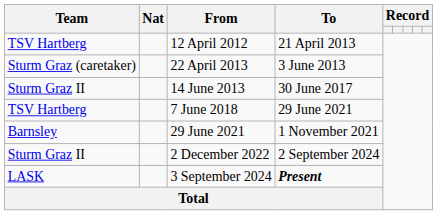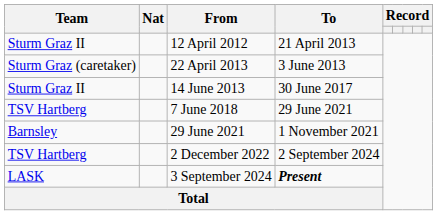 <table class="wikitable" style="text-align: center">
 <tr>
 <th rowspan="2">Team</th>
 <th rowspan="2">Nat</th>
 <th rowspan="2">From</th>
 <th rowspan="2">To</th>
 <th colspan="8">Record</th>
 </tr>
 <tr>
 <th></th>
 <th></th>
 <th></th>
 <th></th>
 <th></th>
 </tr>
 <tr>
-<td align="left"><a href='#'>TSV Hartberg</a></td>
+<td align="left"><a href='#'>Sturm Graz</a> II</td>
 <td></td>
 <td align=left>12 April 2012</td>
 <td align=left>21 April 2013<br></td>
 </tr>
 <tr>
 <td align="left"><a href='#'>Sturm Graz</a> (caretaker)</td>
 <td></td>
 <td align=left>22 April 2013</td>
 <td align=left>3 June 2013<br></td>
 </tr>
 <tr>
 <td align="left"><a href='#'>Sturm Graz</a> II</td>
 <td></td>
 <td align=left>14 June 2013</td>
 <td align=left>30 June 2017<br></td>
 </tr>
 <tr>
 <td align="left"><a href='#'>TSV Hartberg</a></td>
 <td></td>
 <td align=left>7 June 2018</td>
 <td align=left>29 June 2021<br></td>
 </tr>
 <tr>
 <td align="left"><a href='#'>Barnsley</a></td>
 <td></td>
 <td align=left>29 June 2021</td>
 <td align=left>1 November 2021<br></td>
 </tr>
 <tr>
-<td align="left"><a href='#'>Sturm Graz</a> II</td>
+<td align="left"><a href='#'>TSV Hartberg</a></td>
 <td></td>
 <td align=left>2 December 2022</td>
 <td align=left>2 September 2024<br></td>
 </tr>
 <tr>
 <td align="left"><a href='#'>LASK</a></td>
 <td></td>
 <td align=left>3 September 2024</td>
 <td align=left><strong><em>Present</em><br></strong></td>
 </tr>
 <tr>
 <th colspan=4>Total<br></th>
 </tr>
 </table>
